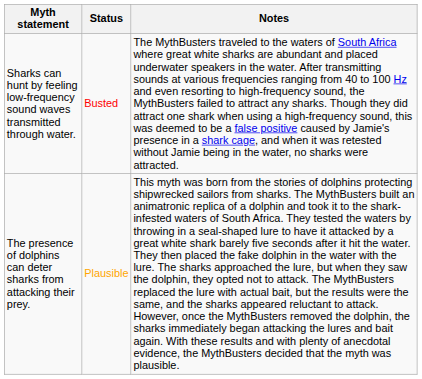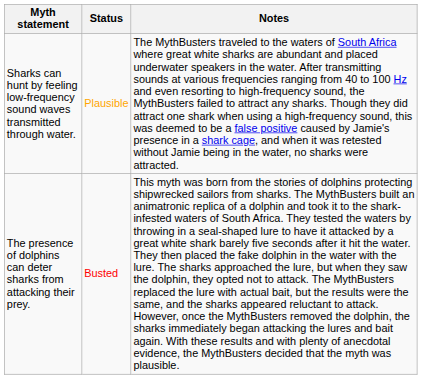 <table class="wikitable plainrowheaders">
 <tr>
 <th>Myth statement</th>
 <th>Status</th>
 <th>Notes</th>
 </tr>
 <tr>
 <td>Sharks can hunt by feeling low-frequency sound waves transmitted through water.</td>
-<td style="color:red">Busted</td>
+<td style="color:orange">Plausible</td>
 <td>The MythBusters traveled to the waters of <a href='#'>South Africa</a> where great white sharks are abundant and placed underwater speakers in the water. After transmitting sounds at various frequencies ranging from 40 to 100 <a href='#'>Hz</a> and even resorting to high-frequency sound, the MythBusters failed to attract any sharks. Though they did attract one shark when using a high-frequency sound, this was deemed to be a <a href='#'>false positive</a> caused by Jamie's presence in a <a href='#'>shark cage</a>, and when it was retested without Jamie being in the water, no sharks were attracted.</td>
 </tr>
 <tr>
 <td>The presence of dolphins can deter sharks from attacking their prey.</td>
-<td style="color:orange">Plausible</td>
+<td style="color:red">Busted</td>
 <td>This myth was born from the stories of dolphins protecting shipwrecked sailors from sharks. The MythBusters built an animatronic replica of a dolphin and took it to the shark-infested waters of South Africa. They tested the waters by throwing in a seal-shaped lure to have it attacked by a great white shark barely five seconds after it hit the water. They then placed the fake dolphin in the water with the lure. The sharks approached the lure, but when they saw the dolphin, they opted not to attack. The MythBusters replaced the lure with actual bait, but the results were the same, and the sharks appeared reluctant to attack. However, once the MythBusters removed the dolphin, the sharks immediately began attacking the lures and bait again. With these results and with plenty of anecdotal evidence, the MythBusters decided that the myth was plausible.</td>
 </tr>
 </table>
